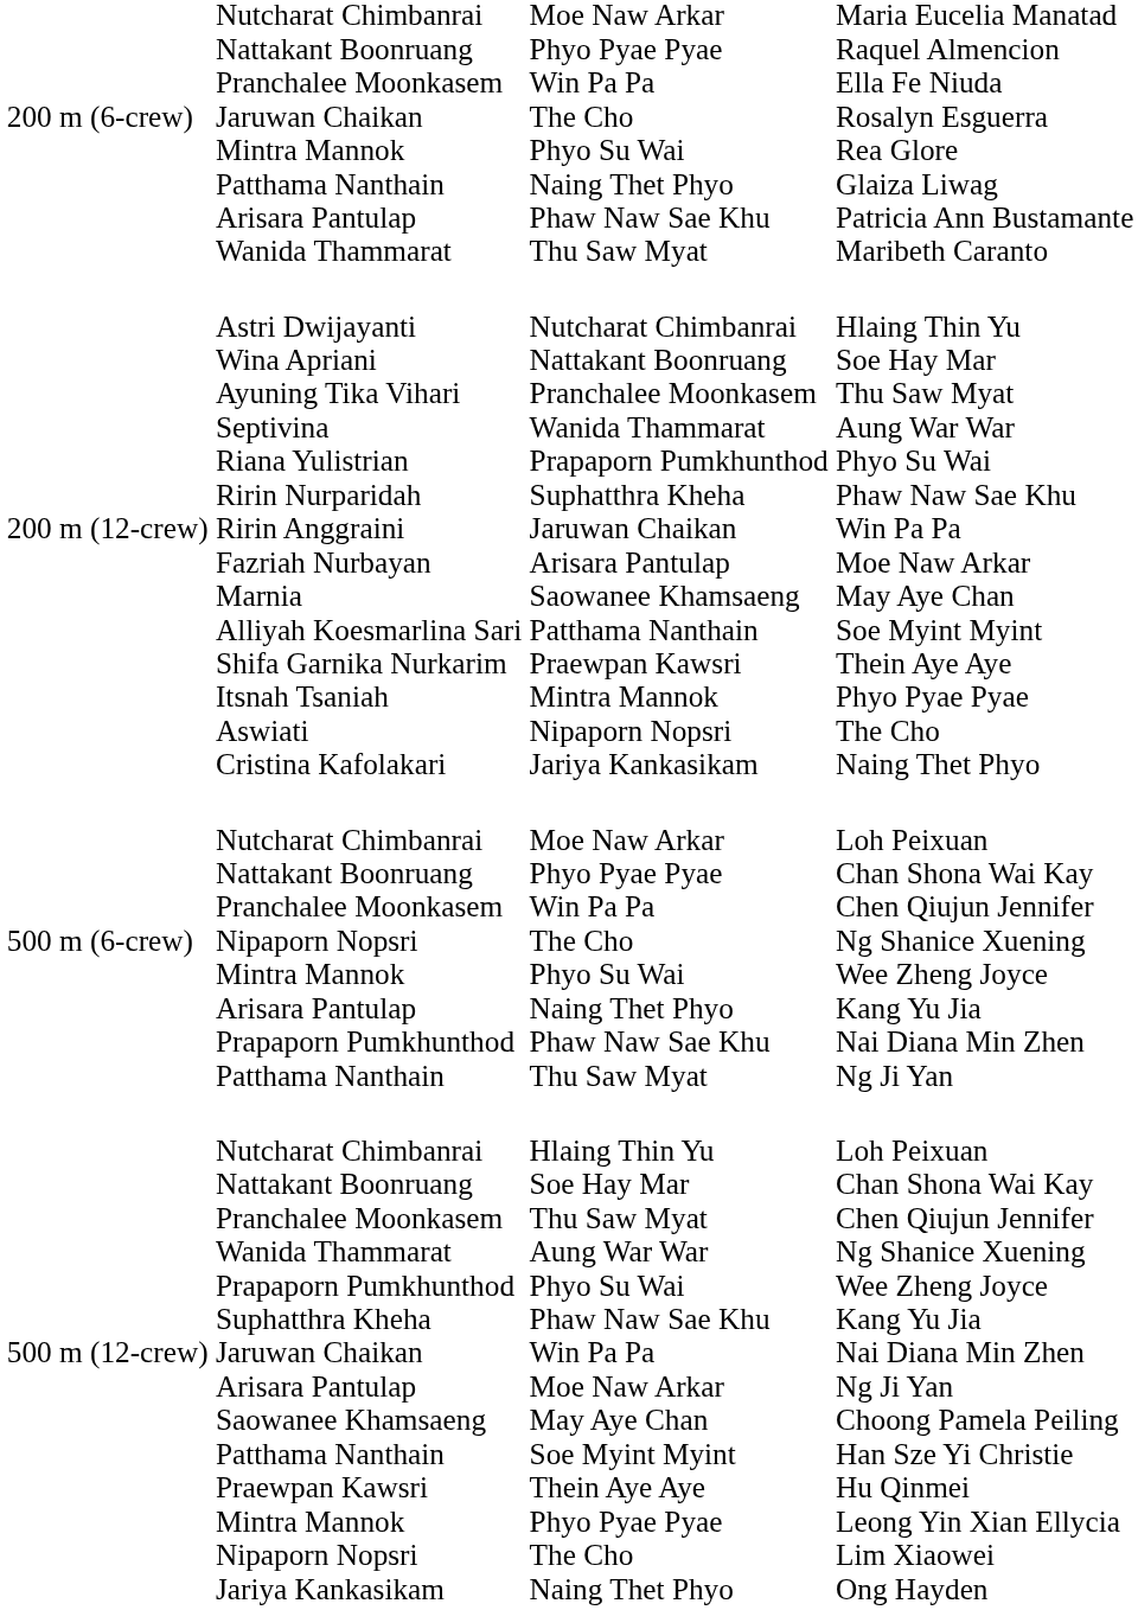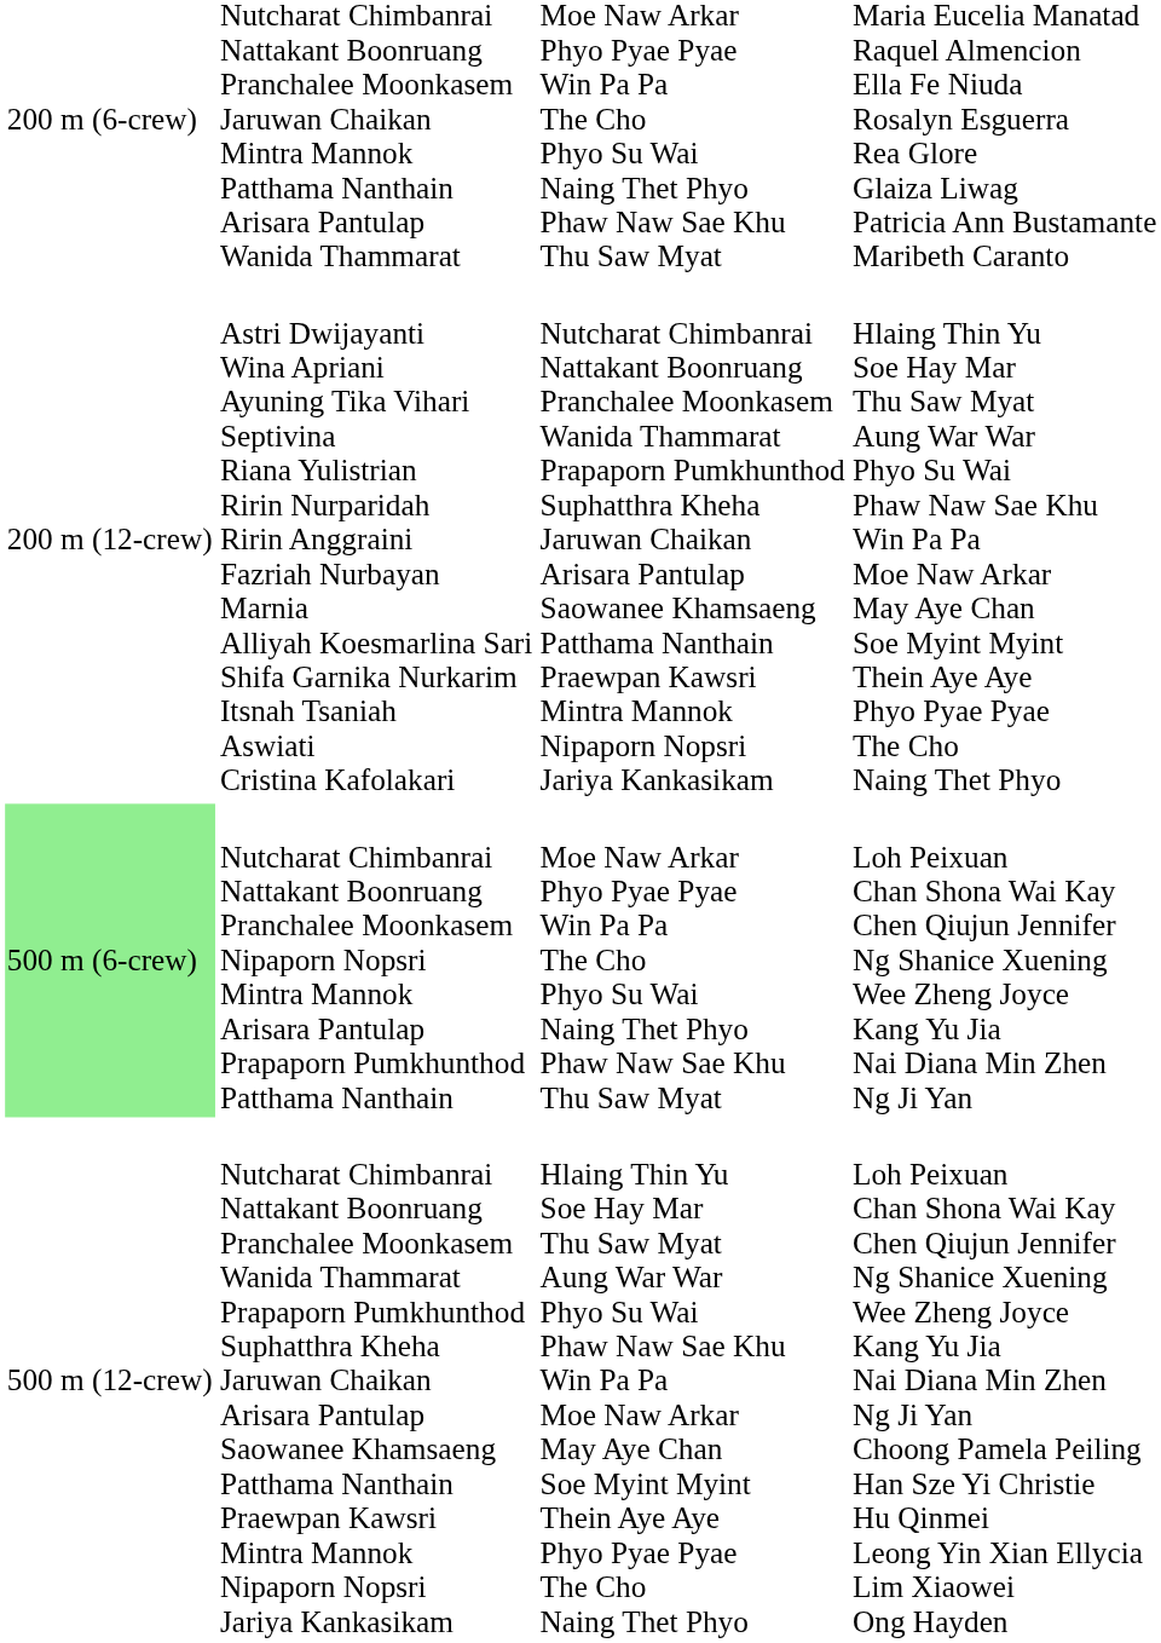 <table>
 <tr>
 <td>200 m (6-crew)<br></td>
 <td><span><br>Nutcharat Chimbanrai<br>Nattakant Boonruang<br>Pranchalee Moonkasem<br>Jaruwan Chaikan<br>Mintra Mannok<br>Patthama Nanthain<br>Arisara Pantulap<br>Wanida Thammarat</span></td>
 <td><span><br>Moe Naw Arkar<br>Phyo Pyae Pyae<br>Win Pa Pa<br>The Cho<br>Phyo Su Wai<br>Naing Thet Phyo<br>Phaw Naw Sae Khu<br>Thu Saw Myat</span></td>
 <td><span><br>Maria Eucelia Manatad<br>Raquel Almencion<br>Ella Fe Niuda<br>Rosalyn Esguerra<br>Rea Glore<br>Glaiza Liwag<br>Patricia Ann Bustamante<br>Maribeth Caranto</span></td>
 </tr>
 <tr>
 <td>200 m (12-crew)<br></td>
 <td><span><br>Astri Dwijayanti<br>Wina Apriani<br>Ayuning Tika Vihari<br>Septivina<br>Riana Yulistrian<br>Ririn Nurparidah<br>Ririn Anggraini<br>Fazriah Nurbayan<br>Marnia<br>Alliyah Koesmarlina Sari<br>Shifa Garnika Nurkarim<br>Itsnah Tsaniah<br>Aswiati<br>Cristina Kafolakari</span></td>
 <td><span><br>Nutcharat Chimbanrai<br>Nattakant Boonruang<br>Pranchalee Moonkasem<br>Wanida Thammarat<br>Prapaporn Pumkhunthod<br>Suphatthra Kheha<br>Jaruwan Chaikan<br>Arisara Pantulap<br>Saowanee Khamsaeng<br>Patthama Nanthain<br>Praewpan Kawsri<br>Mintra Mannok<br>Nipaporn Nopsri<br>Jariya Kankasikam</span></td>
 <td><span><br>Hlaing Thin Yu<br>Soe Hay Mar<br>Thu Saw Myat<br>Aung War War<br>Phyo Su Wai<br>Phaw Naw Sae Khu<br>Win Pa Pa<br>Moe Naw Arkar<br>May Aye Chan<br>Soe Myint Myint<br>Thein Aye Aye<br>Phyo Pyae Pyae<br>The Cho<br>Naing Thet Phyo</span></td>
 </tr>
 <tr>
-<td>500 m (6-crew)<br></td>
+<td style="background: lightgreen;">500 m (6-crew)<br></td>
 <td><span><br>Nutcharat Chimbanrai<br>Nattakant Boonruang<br>Pranchalee Moonkasem<br>Nipaporn Nopsri<br>Mintra Mannok<br>Arisara Pantulap<br>Prapaporn Pumkhunthod<br>Patthama Nanthain</span></td>
 <td><span><br>Moe Naw Arkar<br>Phyo Pyae Pyae<br>Win Pa Pa<br>The Cho<br>Phyo Su Wai<br>Naing Thet Phyo<br>Phaw Naw Sae Khu<br>Thu Saw Myat</span></td>
 <td><span><br>Loh Peixuan<br>Chan Shona Wai Kay<br>Chen Qiujun Jennifer<br>Ng Shanice Xuening<br>Wee Zheng Joyce<br>Kang Yu Jia<br>Nai Diana Min Zhen<br>Ng Ji Yan</span></td>
 </tr>
 <tr>
 <td>500 m (12-crew)<br></td>
 <td><span><br>Nutcharat Chimbanrai<br>Nattakant Boonruang<br>Pranchalee Moonkasem<br>Wanida Thammarat<br>Prapaporn Pumkhunthod<br>Suphatthra Kheha<br>Jaruwan Chaikan<br>Arisara Pantulap<br>Saowanee Khamsaeng<br>Patthama Nanthain<br>Praewpan Kawsri<br>Mintra Mannok<br>Nipaporn Nopsri<br>Jariya Kankasikam</span></td>
 <td><span><br>Hlaing Thin Yu<br>Soe Hay Mar<br>Thu Saw Myat<br>Aung War War<br>Phyo Su Wai<br>Phaw Naw Sae Khu<br>Win Pa Pa<br>Moe Naw Arkar<br>May Aye Chan<br>Soe Myint Myint<br>Thein Aye Aye<br>Phyo Pyae Pyae<br>The Cho<br>Naing Thet Phyo</span></td>
 <td><span><br>Loh Peixuan<br>Chan Shona Wai Kay<br>Chen Qiujun Jennifer<br>Ng Shanice Xuening<br>Wee Zheng Joyce<br>Kang Yu Jia<br>Nai Diana Min Zhen<br>Ng Ji Yan<br>Choong Pamela Peiling<br>Han Sze Yi Christie<br>Hu Qinmei<br>Leong Yin Xian Ellycia<br>Lim Xiaowei<br>Ong Hayden</span></td>
 </tr>
 </table>
